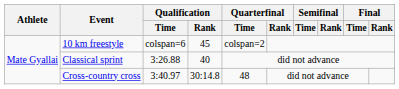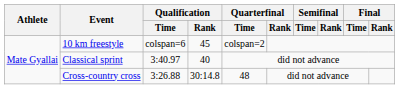 <table class="wikitable" style="font-size:90%">
 <tr>
 <th rowspan="2">Athlete</th>
 <th rowspan="2">Event</th>
 <th colspan="2">Qualification</th>
 <th colspan="2">Quarterfinal</th>
 <th colspan="2">Semifinal</th>
 <th colspan="2">Final</th>
 </tr>
 <tr style="font-size:95%">
 <th>Time</th>
 <th>Rank</th>
 <th>Time</th>
 <th>Rank</th>
 <th>Time</th>
 <th>Rank</th>
 <th>Time</th>
 <th>Rank</th>
 </tr>
 <tr align=center>
 <td align=left rowspan=3><a href='#'>Mate Gyallai</a></td>
 <td align=left><a href='#'>10 km freestyle</a></td>
 <td>colspan=6 </td>
 <td>45</td>
 <td>colspan=2 </td>
 </tr>
 <tr align=center>
 <td align=left><a href='#'>Classical sprint</a></td>
-<td>3:26.88</td>
+<td>3:40.97</td>
 <td>40</td>
 <td colspan=6>did not advance</td>
 </tr>
 <tr align=center>
 <td align=left><a href='#'>Cross-country cross</a></td>
-<td>3:40.97</td>
+<td>3:26.88</td>
 <td>30:14.8</td>
 <td>48</td>
 <td colspan=4>did not advance</td>
 </tr>
 </table>
